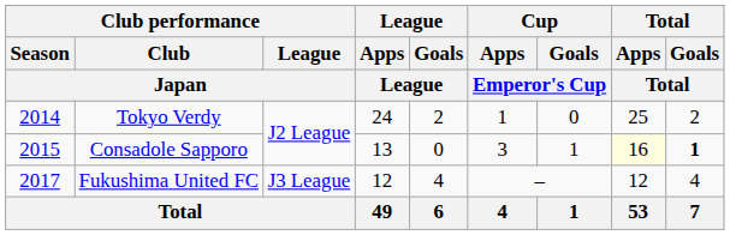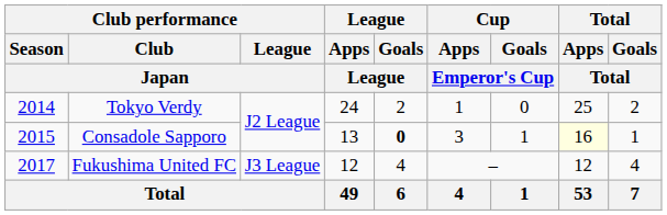 <table class="wikitable" style="text-align:center;">
 <tr>
 <th colspan=3>Club performance</th>
 <th colspan=2>League</th>
 <th colspan=2>Cup</th>
 <th colspan=2>Total</th>
 </tr>
 <tr>
 <th>Season</th>
 <th>Club</th>
 <th>League</th>
 <th>Apps</th>
 <th>Goals</th>
 <th>Apps</th>
 <th>Goals</th>
 <th>Apps</th>
 <th>Goals</th>
 </tr>
 <tr>
 <th colspan=3>Japan</th>
 <th colspan=2>League</th>
 <th colspan=2><a href='#'>Emperor's Cup</a></th>
 <th colspan=2>Total</th>
 </tr>
 <tr>
 <td><a href='#'>2014</a></td>
 <td><a href='#'>Tokyo Verdy</a></td>
 <td rowspan="2"><a href='#'>J2 League</a></td>
 <td>24</td>
 <td>2</td>
 <td>1</td>
 <td>0</td>
 <td>25</td>
 <td>2</td>
 </tr>
 <tr>
 <td><a href='#'>2015</a></td>
 <td><a href='#'>Consadole Sapporo</a></td>
 <td>13</td>
-<td>0</td>
+<td><strong>0</strong></td>
 <td>3</td>
 <td>1</td>
 <td style="background: lightyellow;">16</td>
-<td><strong>1</strong></td>
+<td>1</td>
 </tr>
 <tr>
 <td><a href='#'>2017</a></td>
 <td rowspan="1"><a href='#'>Fukushima United FC</a></td>
 <td rowspan="1"><a href='#'>J3 League</a></td>
 <td>12</td>
 <td>4</td>
 <td colspan="2">–</td>
 <td>12</td>
 <td>4</td>
 </tr>
 <tr>
 <th colspan=3>Total</th>
 <th>49</th>
 <th>6</th>
 <th>4</th>
 <th>1</th>
 <th>53</th>
 <th>7</th>
 </tr>
 </table>
